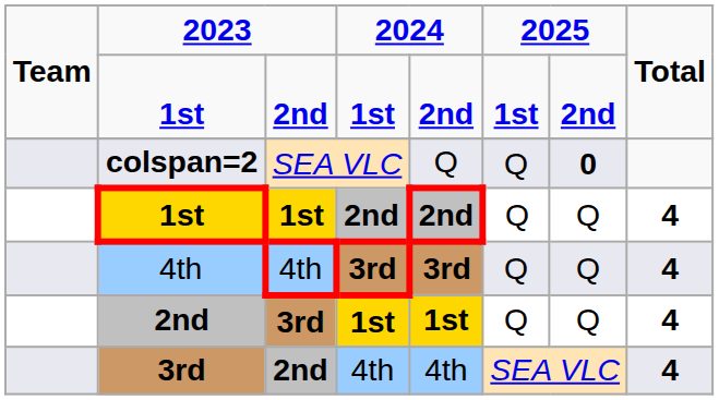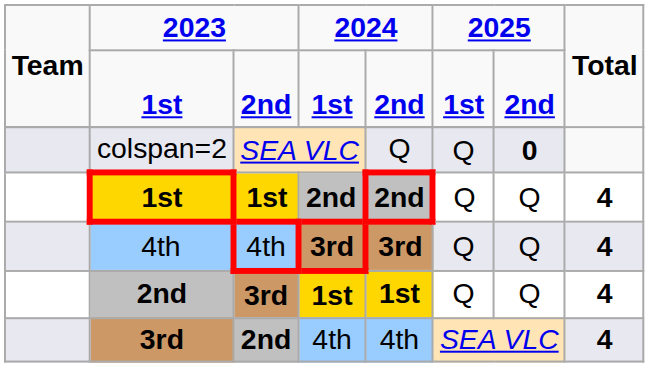 <table class="wikitable" style="text-align:center; font-size:90%">
 <tr>
 <td rowspan=2><strong>Team</strong></td>
 <td colspan=2><strong><a href='#'>2023</a></strong></td>
 <td colspan=2><strong><a href='#'>2024</a></strong></td>
 <td colspan=2><strong><a href='#'>2025</a></strong></td>
 <td rowspan=2><strong>Total</strong></td>
 </tr>
 <tr>
 <td><br><strong><a href='#'>1st</a></strong></td>
 <td><br><strong><a href='#'>2nd</a></strong></td>
 <td><br><strong><a href='#'>1st</a></strong></td>
 <td><br><strong><a href='#'>2nd</a></strong></td>
 <td><br><strong><a href='#'>1st</a></strong></td>
 <td><br><strong><a href='#'>2nd</a></strong></td>
 </tr>
 <tr>
 </tr>
 <tr bgcolor=#e8e8f0>
 <td align=left></td>
-<td><strong>colspan=2 </strong></td>
+<td>colspan=2 </td>
 <td style="background:moccasin" colspan=2><em><a href='#'>SEA VLC</a></em> </td>
 <td>Q</td>
 <td>Q</td>
 <td><strong>0</strong></td>
 </tr>
 <tr bgcolor=#ffffff>
 <td align=left></td>
 <td style="border:3px solid red" bgcolor=gold><strong>1st</strong></td>
 <td bgcolor=gold><strong>1st</strong></td>
 <td bgcolor=silver><strong>2nd</strong></td>
 <td style="border:3px solid red" bgcolor=silver><strong>2nd</strong></td>
 <td>Q</td>
 <td>Q</td>
 <td><strong>4</strong></td>
 </tr>
 <tr bgcolor=#e8e8f0>
 <td align=left></td>
 <td bgcolor=#9acdff>4th</td>
 <td style="border:3px solid red" bgcolor=#9acdff>4th</td>
 <td style="border:3px solid red"bgcolor=#cc9966><strong>3rd</strong></td>
 <td bgcolor=#cc9966><strong>3rd</strong></td>
 <td>Q</td>
 <td>Q</td>
 <td><strong>4</strong></td>
 </tr>
 <tr bgcolor=#ffffff>
 <td align=left></td>
 <td bgcolor=silver><strong>2nd</strong></td>
 <td bgcolor=#cc9966><strong>3rd</strong></td>
 <td bgcolor=gold><strong>1st</strong></td>
 <td bgcolor=gold><strong>1st</strong></td>
 <td>Q</td>
 <td>Q</td>
 <td><strong>4</strong></td>
 </tr>
 <tr bgcolor=#e8e8f0>
 <td align=left></td>
 <td bgcolor=#cc9966><strong>3rd</strong></td>
 <td bgcolor=silver><strong>2nd</strong></td>
 <td bgcolor=#9acdff>4th </td>
 <td bgcolor=#9acdff>4th </td>
 <td style="background:moccasin" colspan=2><em><a href='#'>SEA VLC</a></em></td>
 <td><strong>4</strong></td>
 </tr>
 </table>
